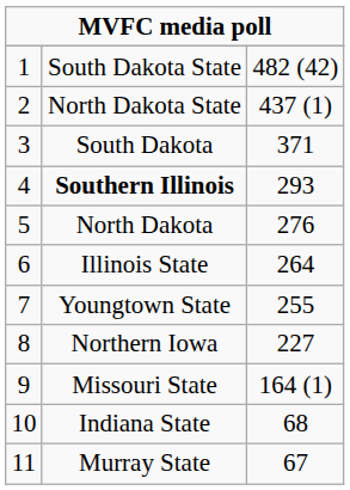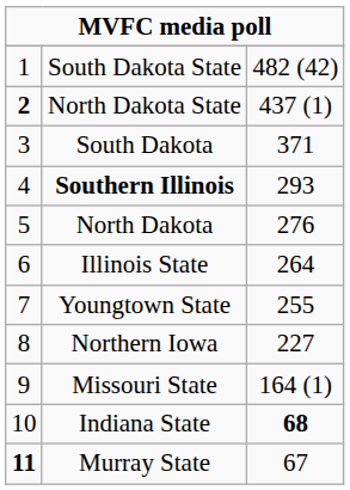 <table class="wikitable" style="display: inline-table;">
 <tr>
 <td align="center" Colspan="3"><strong>MVFC media poll</strong></td>
 </tr>
 <tr align="center">
 </tr>
 <tr align="center">
 <td>1</td>
 <td>South Dakota State</td>
 <td>482 (42)</td>
 </tr>
 <tr align="center">
-<td>2</td>
+<td><strong>2</strong></td>
 <td>North Dakota State</td>
 <td>437 (1)</td>
 </tr>
 <tr align="center">
 <td>3</td>
 <td>South Dakota</td>
 <td>371</td>
 </tr>
 <tr align="center">
 <td>4</td>
 <td><strong>Southern Illinois</strong></td>
 <td>293</td>
 </tr>
 <tr align="center">
 <td>5</td>
 <td>North Dakota</td>
 <td>276</td>
 </tr>
 <tr align="center">
 <td>6</td>
 <td>Illinois State</td>
 <td>264</td>
 </tr>
 <tr align="center">
 <td>7</td>
 <td>Youngtown State</td>
 <td>255</td>
 </tr>
 <tr align="center">
 <td>8</td>
 <td>Northern Iowa</td>
 <td>227</td>
 </tr>
 <tr align="center">
 <td>9</td>
 <td>Missouri State</td>
 <td>164 (1)</td>
 </tr>
 <tr align="center">
 <td>10</td>
 <td>Indiana State</td>
-<td>68</td>
+<td><strong>68</strong></td>
 </tr>
 <tr align="center">
-<td>11</td>
+<td><strong>11</strong></td>
 <td>Murray State</td>
 <td>67</td>
 </tr>
 </table>
